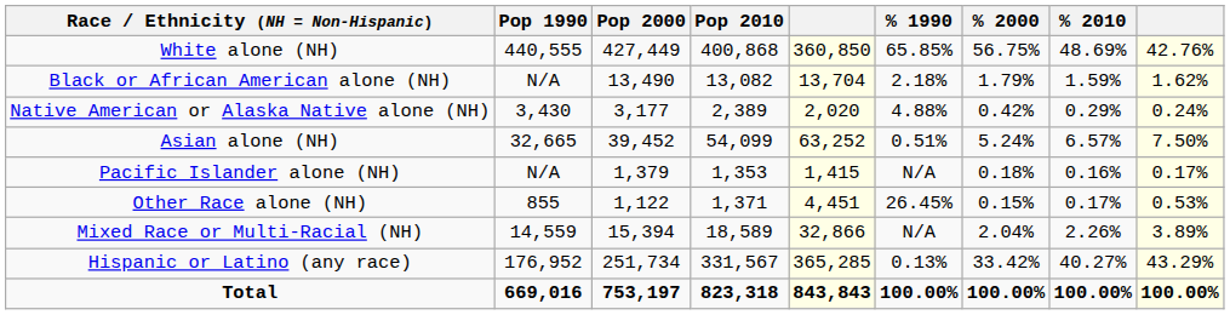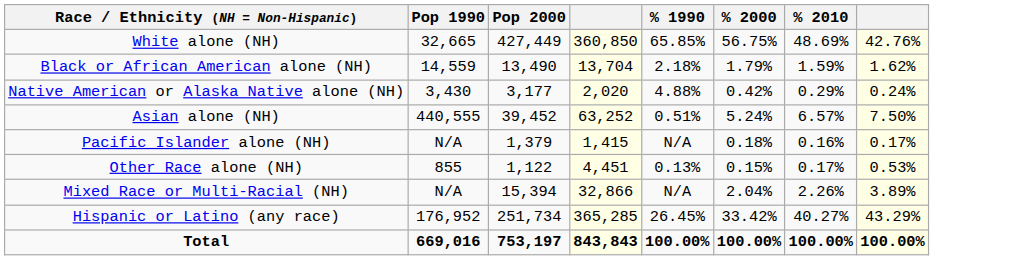 <table class="wikitable"style="text-align:center;">
 <tr>
 <th>Race / Ethnicity <small>(<em>NH = Non-Hispanic</em>)</small></th>
 <th>Pop 1990</th>
 <th>Pop 2000</th>
-<th>Pop 2010</th>
 <th></th>
 <th>% 1990</th>
 <th>% 2000</th>
 <th>% 2010</th>
 <th></th>
 </tr>
 <tr>
 <td><a href='#'>White</a> alone (NH)</td>
-<td>440,555</td>
+<td>32,665</td>
 <td>427,449</td>
-<td>400,868</td>
 <td style='background: #ffffe6;'>360,850</td>
 <td>65.85%</td>
 <td>56.75%</td>
 <td>48.69%</td>
 <td style='background: #ffffe6;'>42.76%</td>
 </tr>
 <tr>
 <td><a href='#'>Black or African American</a> alone (NH)</td>
-<td>N/A</td>
+<td>14,559</td>
 <td>13,490</td>
-<td>13,082</td>
 <td style='background: #ffffe6;'>13,704</td>
 <td>2.18%</td>
 <td>1.79%</td>
 <td>1.59%</td>
 <td style='background: #ffffe6;'>1.62%</td>
 </tr>
 <tr>
 <td><a href='#'>Native American</a> or <a href='#'>Alaska Native</a> alone (NH)</td>
 <td>3,430</td>
 <td>3,177</td>
-<td>2,389</td>
 <td style='background: #ffffe6;'>2,020</td>
 <td>4.88%</td>
 <td>0.42%</td>
 <td>0.29%</td>
 <td style='background: #ffffe6;'>0.24%</td>
 </tr>
 <tr>
 <td><a href='#'>Asian</a> alone (NH)</td>
-<td>32,665</td>
+<td>440,555</td>
 <td>39,452</td>
-<td>54,099</td>
 <td style='background: #ffffe6;'>63,252</td>
 <td>0.51%</td>
 <td>5.24%</td>
 <td>6.57%</td>
 <td style='background: #ffffe6;'>7.50%</td>
 </tr>
 <tr>
 <td><a href='#'>Pacific Islander</a> alone (NH)</td>
 <td>N/A</td>
 <td>1,379</td>
-<td>1,353</td>
 <td style='background: #ffffe6;'>1,415</td>
 <td>N/A</td>
 <td>0.18%</td>
 <td>0.16%</td>
 <td style='background: #ffffe6;'>0.17%</td>
 </tr>
 <tr>
 <td><a href='#'>Other Race</a> alone (NH)</td>
 <td>855</td>
 <td>1,122</td>
-<td>1,371</td>
 <td style='background: #ffffe6;'>4,451</td>
-<td>26.45%</td>
+<td>0.13%</td>
 <td>0.15%</td>
 <td>0.17%</td>
 <td style='background: #ffffe6;'>0.53%</td>
 </tr>
 <tr>
 <td><a href='#'>Mixed Race or Multi-Racial</a> (NH)</td>
-<td>14,559</td>
+<td>N/A</td>
 <td>15,394</td>
-<td>18,589</td>
 <td style='background: #ffffe6;'>32,866</td>
 <td>N/A</td>
 <td>2.04%</td>
 <td>2.26%</td>
 <td style='background: #ffffe6;'>3.89%</td>
 </tr>
 <tr>
 <td><a href='#'>Hispanic or Latino</a> (any race)</td>
 <td>176,952</td>
 <td>251,734</td>
-<td>331,567</td>
 <td style='background: #ffffe6;'>365,285</td>
-<td>0.13%</td>
+<td>26.45%</td>
 <td>33.42%</td>
 <td>40.27%</td>
 <td style='background: #ffffe6;'>43.29%</td>
 </tr>
 <tr>
 <td><strong>Total</strong></td>
 <td><strong>669,016</strong></td>
 <td><strong>753,197</strong></td>
-<td><strong>823,318</strong></td>
 <td style='background: #ffffe6;'><strong>843,843</strong></td>
 <td><strong>100.00%</strong></td>
 <td><strong>100.00%</strong></td>
 <td><strong>100.00%</strong></td>
 <td style='background: #ffffe6;'><strong>100.00%</strong></td>
 </tr>
 </table>
